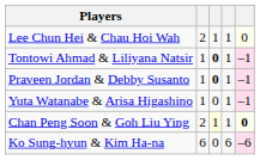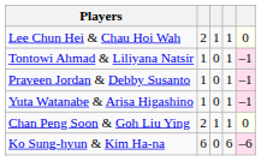 <table class="sortable wikitable" style="text-align:center">
 <tr>
 <th>Players</th>
 <th></th>
 <th></th>
 <th></th>
 <th></th>
 </tr>
 <tr>
 <td align="left"> <a href='#'>Lee Chun Hei</a> & <a href='#'>Chau Hoi Wah</a></td>
 <td>2</td>
 <td>1</td>
 <td>1</td>
 <td bgcolor="#fffff0">0</td>
 </tr>
 <tr>
 <td align="left"> <a href='#'>Tontowi Ahmad</a> & <a href='#'>Liliyana Natsir</a></td>
 <td>1</td>
-<td><strong>0</strong></td>
+<td>0</td>
 <td>1</td>
 <td bgcolor="#ffddee">–1</td>
 </tr>
 <tr>
 <td align="left"> <a href='#'>Praveen Jordan</a> & <a href='#'>Debby Susanto</a></td>
 <td>1</td>
-<td><strong>0</strong></td>
+<td>0</td>
 <td>1</td>
 <td bgcolor="#ffddee">–1</td>
 </tr>
 <tr>
 <td align="left"> <a href='#'>Yuta Watanabe</a> & <a href='#'>Arisa Higashino</a></td>
 <td>1</td>
 <td>0</td>
 <td>1</td>
 <td bgcolor="#ffddee">–1</td>
 </tr>
 <tr>
 <td align="left"> <a href='#'>Chan Peng Soon</a> & <a href='#'>Goh Liu Ying</a></td>
 <td>2</td>
-<td style="background: lightyellow;">1</td>
 <td>1</td>
-<td bgcolor="#fffff0"><strong>0</strong></td>
+<td>1</td>
+<td bgcolor="#fffff0">0</td>
 </tr>
 <tr>
 <td align="left"> <a href='#'>Ko Sung-hyun</a> & <a href='#'>Kim Ha-na</a></td>
 <td>6</td>
 <td>0</td>
 <td>6</td>
 <td bgcolor="#ffddee">–6</td>
 </tr>
 </table>
